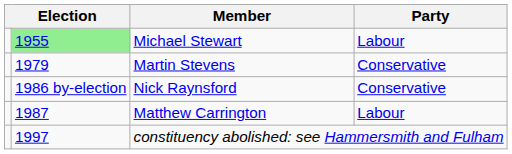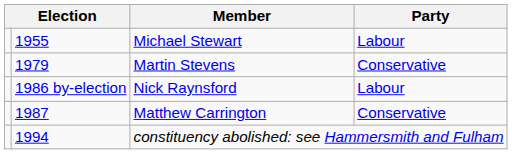 <table class="wikitable">
 <tr>
 <th colspan="2">Election</th>
 <th>Member</th>
 <th>Party</th>
 </tr>
 <tr>
 <td style="color:inherit;background-color: "></td>
-<td style="background: lightgreen;"><a href='#'>1955</a></td>
+<td><a href='#'>1955</a></td>
 <td><a href='#'>Michael Stewart</a></td>
 <td><a href='#'>Labour</a></td>
 </tr>
 <tr>
 <td style="color:inherit;background-color: "></td>
 <td><a href='#'>1979</a></td>
 <td><a href='#'>Martin Stevens</a></td>
 <td><a href='#'>Conservative</a></td>
 </tr>
 <tr>
 <td style="color:inherit;background-color: "></td>
 <td><a href='#'>1986 by-election</a></td>
 <td><a href='#'>Nick Raynsford</a></td>
-<td><a href='#'>Conservative</a></td>
+<td><a href='#'>Labour</a></td>
 </tr>
 <tr>
 <td style="color:inherit;background-color: "></td>
 <td><a href='#'>1987</a></td>
 <td><a href='#'>Matthew Carrington</a></td>
-<td><a href='#'>Labour</a></td>
+<td><a href='#'>Conservative</a></td>
 </tr>
 <tr>
 <td></td>
-<td><a href='#'>1997</a></td>
+<td><a href='#'>1994</a></td>
 <td colspan="2"><em>constituency abolished: see <a href='#'>Hammersmith and Fulham</a></em></td>
 </tr>
 </table>
